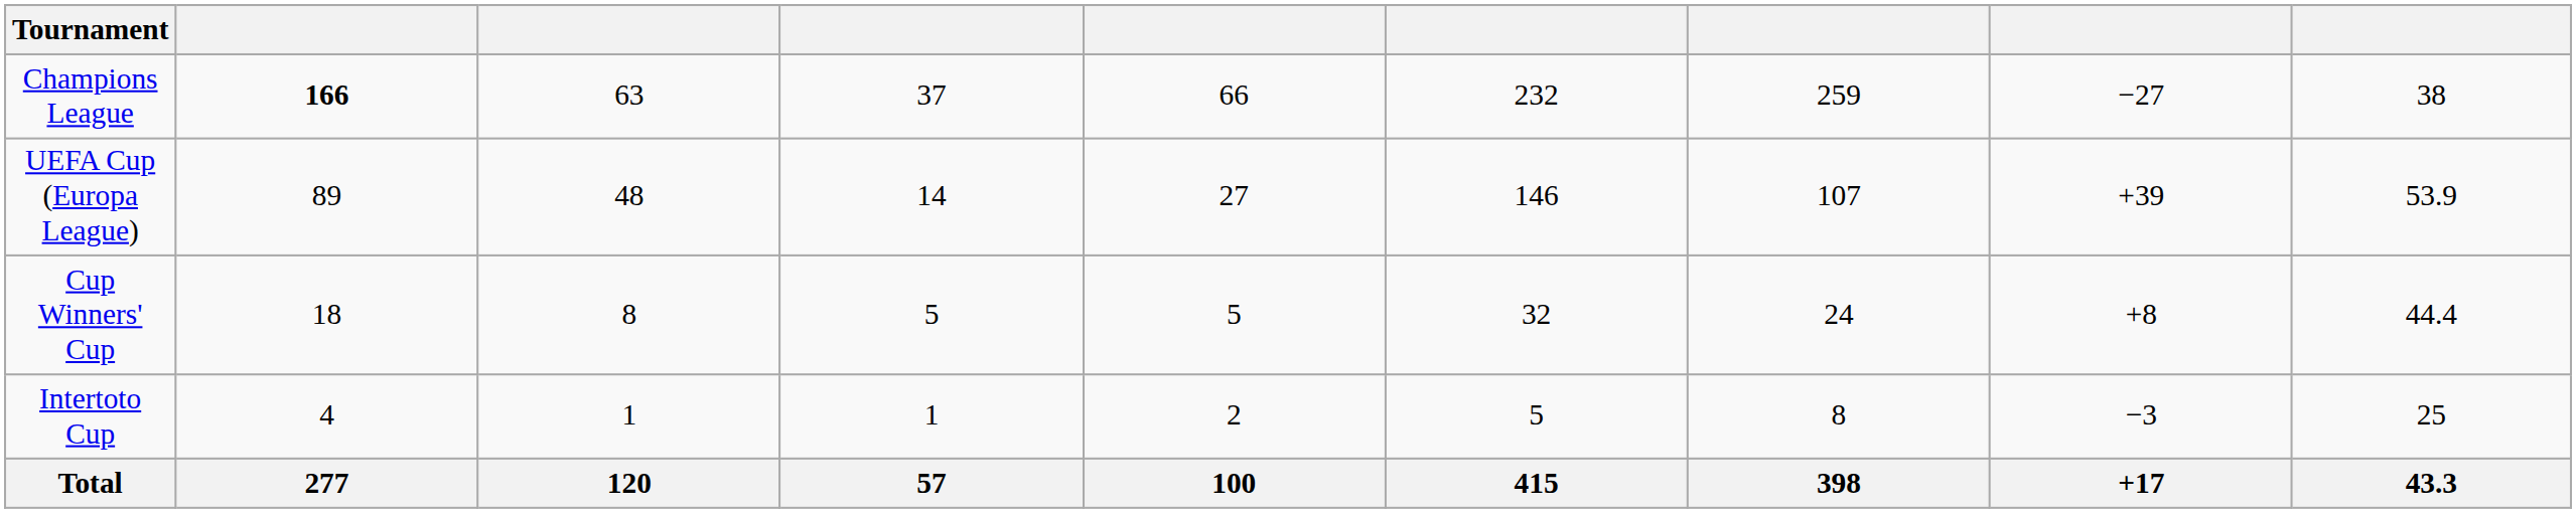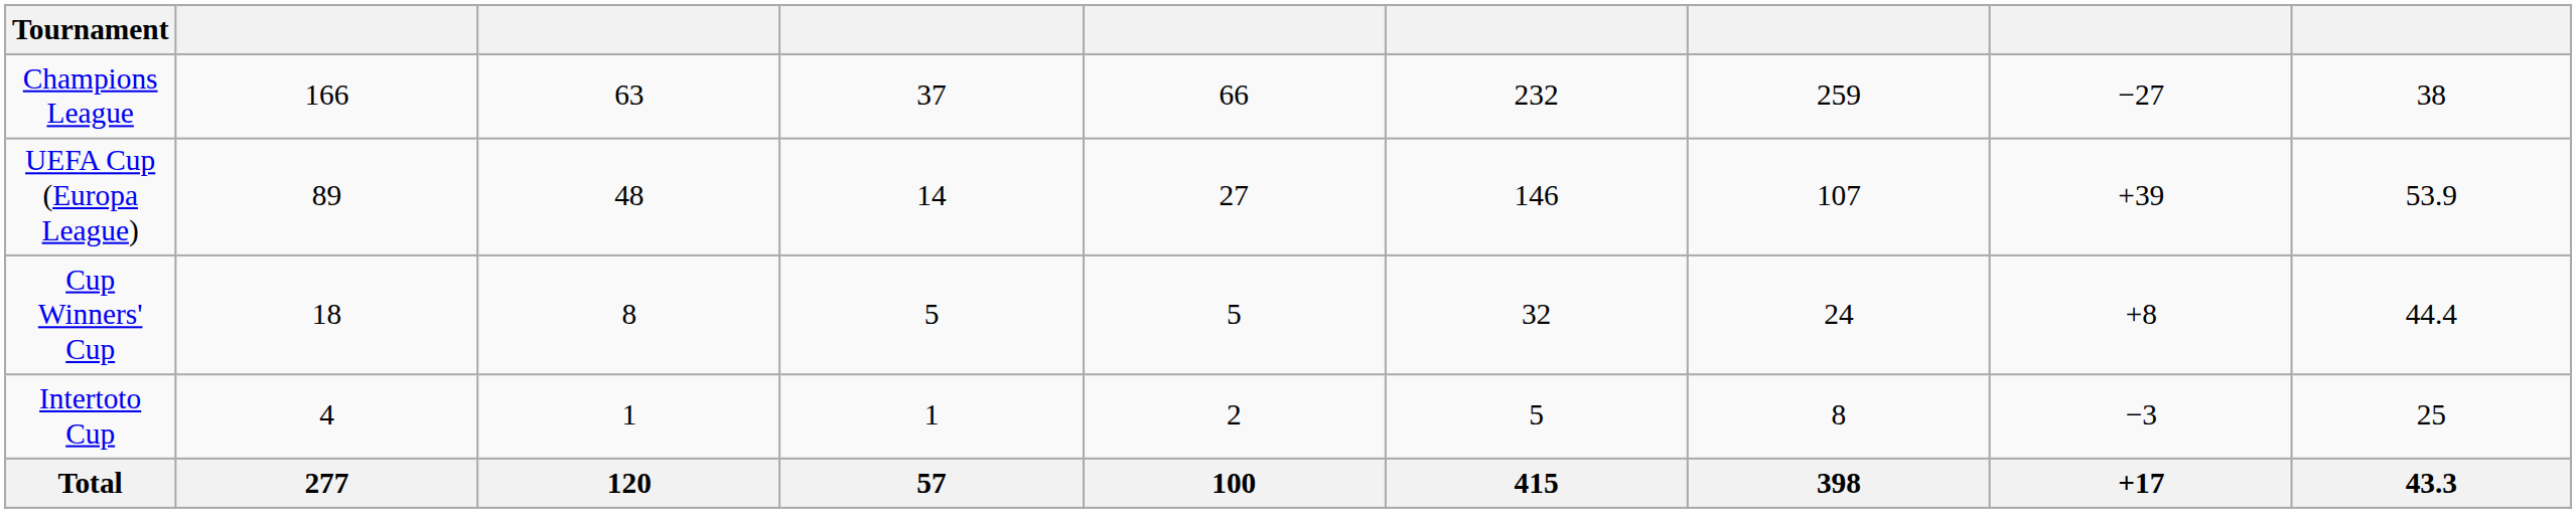 <table class="wikitable" style="font-size:90%; text-align: center;">
 <tr>
 <th width=5%>Tournament</th>
 <th width=12%></th>
 <th width=12%></th>
 <th width=12%></th>
 <th width=12%></th>
 <th width=12%></th>
 <th width=12%></th>
 <th width=12%></th>
 <th width=12%></th>
 </tr>
 <tr>
 <td><a href='#'>Champions League</a></td>
-<td><strong>166</strong></td>
+<td>166</td>
 <td>63</td>
 <td>37</td>
 <td>66</td>
 <td>232</td>
 <td>259</td>
 <td>−27</td>
 <td>38</td>
 </tr>
 <tr>
 <td><a href='#'>UEFA Cup</a> (<a href='#'>Europa League</a>)</td>
 <td>89</td>
 <td>48</td>
 <td>14</td>
 <td>27</td>
 <td>146</td>
 <td>107</td>
 <td>+39</td>
 <td>53.9</td>
 </tr>
 <tr>
 <td><a href='#'>Cup Winners' Cup</a></td>
 <td>18</td>
 <td>8</td>
 <td>5</td>
 <td>5</td>
 <td>32</td>
 <td>24</td>
 <td>+8</td>
 <td>44.4</td>
 </tr>
 <tr>
 <td><a href='#'>Intertoto Cup</a></td>
 <td>4</td>
 <td>1</td>
 <td>1</td>
 <td>2</td>
 <td>5</td>
 <td>8</td>
 <td>−3</td>
 <td>25</td>
 </tr>
 <tr>
 <th><strong>Total</strong></th>
 <th><strong>277</strong></th>
 <th><strong>120</strong></th>
 <th><strong>57</strong></th>
 <th><strong>100</strong></th>
 <th><strong>415</strong></th>
 <th><strong>398</strong></th>
 <th><strong>+17</strong></th>
 <th><strong>43.3</strong></th>
 </tr>
 </table>
